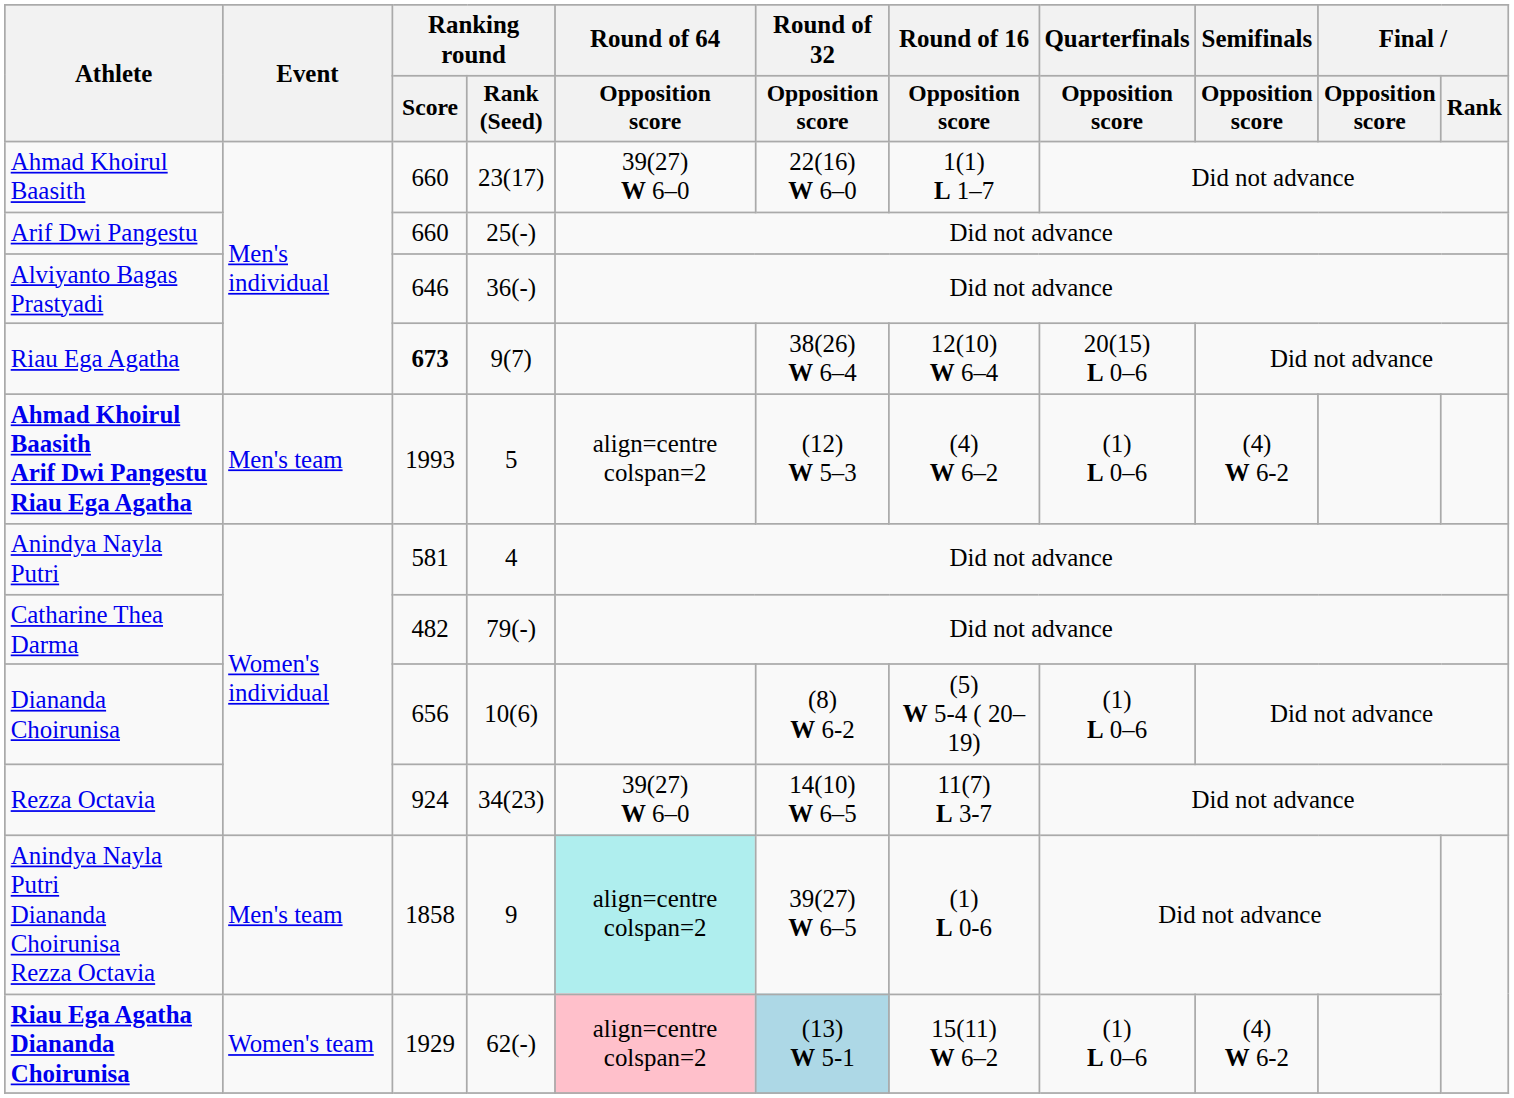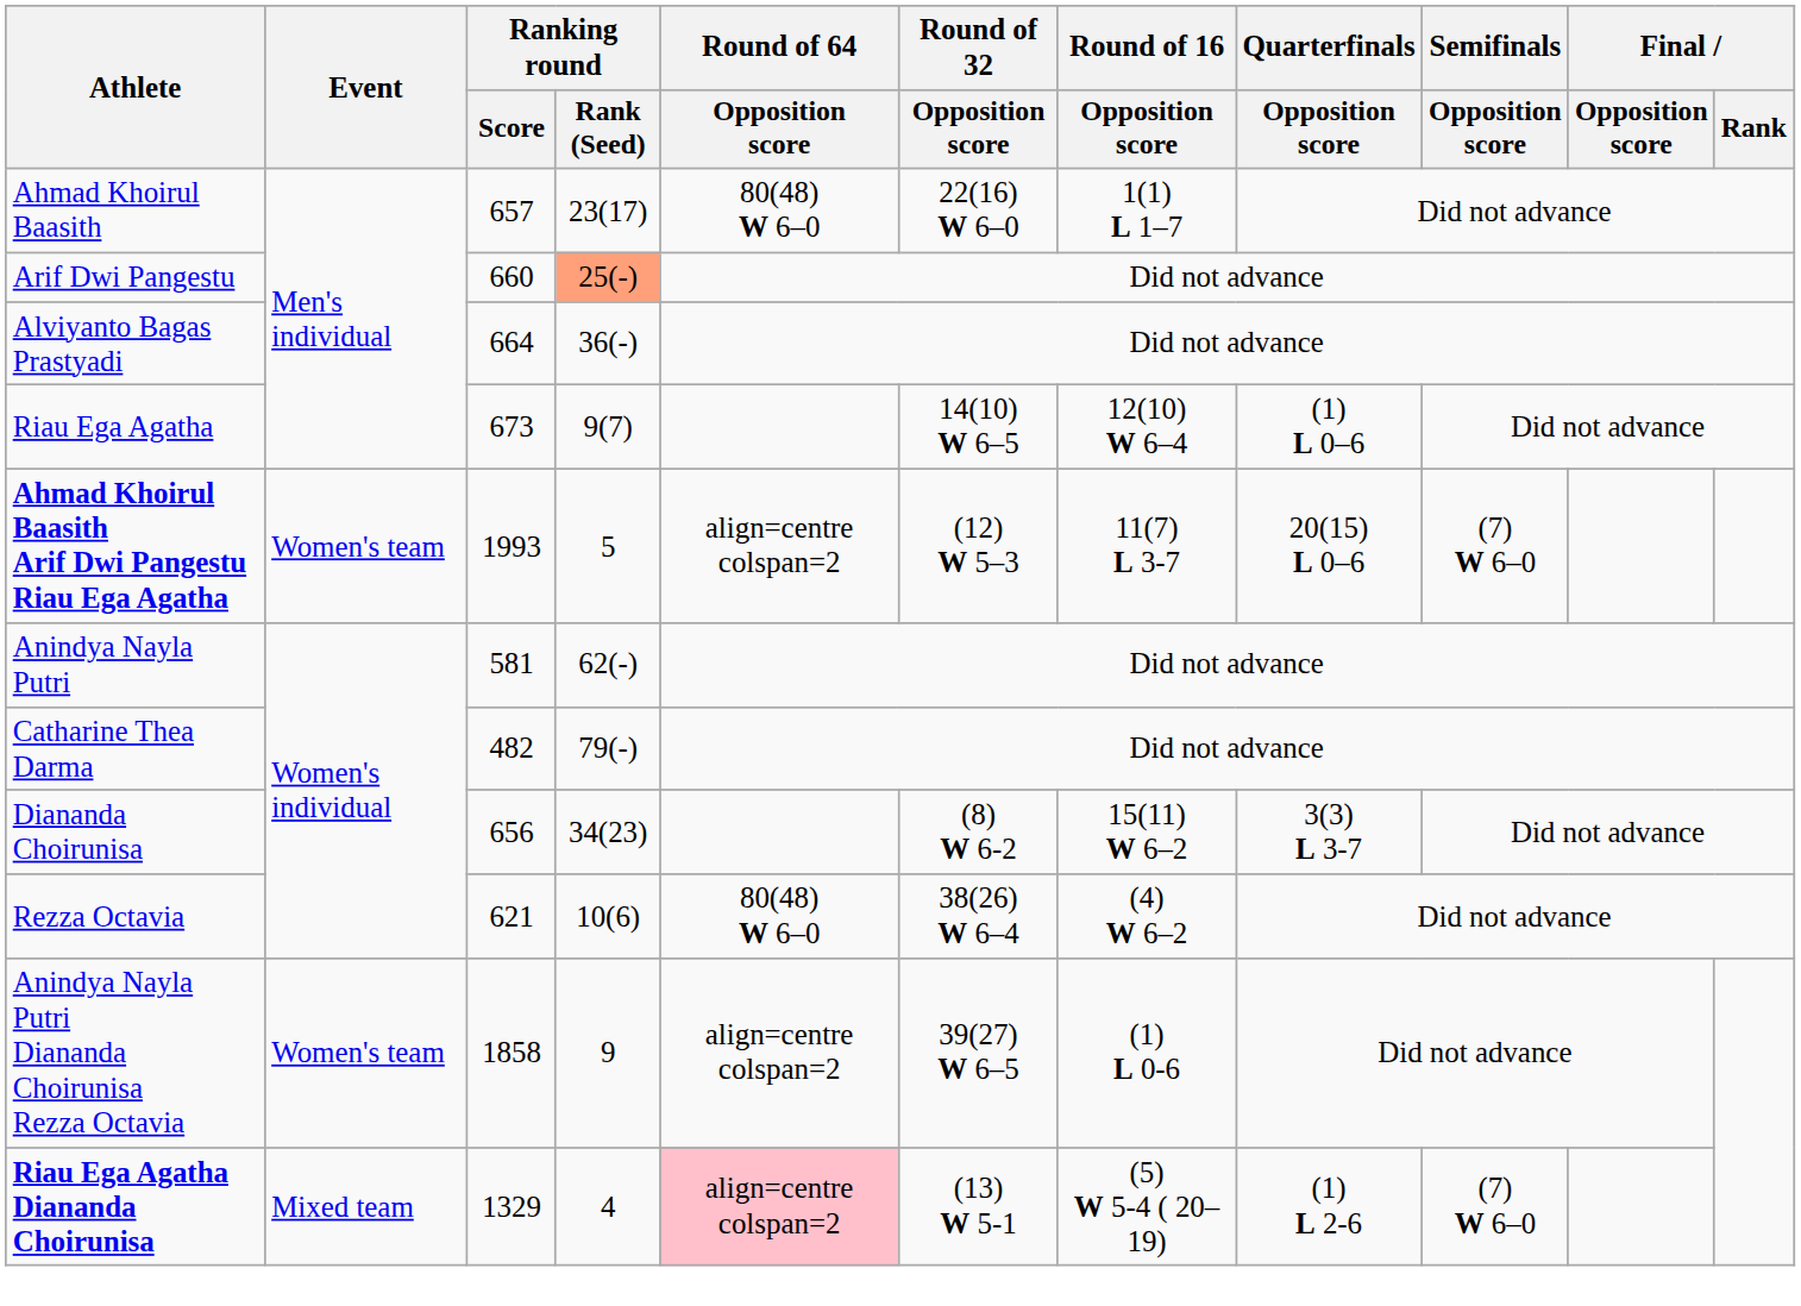 <table class=wikitable style="text-align:center; font-size:90%">
 <tr>
 <th rowspan="2">Athlete</th>
 <th rowspan="2">Event</th>
 <th colspan="2">Ranking round</th>
 <th>Round of 64</th>
 <th>Round of 32</th>
 <th>Round of 16</th>
 <th>Quarterfinals</th>
 <th>Semifinals</th>
 <th colspan=2>Final / </th>
 </tr>
 <tr style=font-size:95%>
 <th>Score</th>
 <th>Rank<br> (Seed)</th>
 <th>Opposition<br> score</th>
 <th>Opposition<br> score</th>
 <th>Opposition<br> score</th>
 <th>Opposition<br> score</th>
 <th>Opposition<br> score</th>
 <th>Opposition<br> score</th>
 <th>Rank</th>
 </tr>
 <tr>
 <td align=left><a href='#'>Ahmad Khoirul Baasith</a></td>
 <td align=left rowspan=4><a href='#'>Men's individual</a></td>
-<td>660</td>
+<td>657</td>
 <td>23(17)</td>
-<td> 39(27) <br><strong>W</strong> 6–0</td>
+<td> 80(48) <br><strong>W</strong> 6–0</td>
 <td> 22(16)<br><strong>W</strong> 6–0</td>
 <td> 1(1)<br><strong>L</strong> 1–7</td>
 <td colspan=4>Did not advance</td>
 </tr>
 <tr>
 <td align=left><a href='#'>Arif Dwi Pangestu</a></td>
 <td>660</td>
-<td>25(-)</td>
+<td style="background: lightsalmon;">25(-)</td>
 <td colspan=7>Did not advance</td>
 </tr>
 <tr>
 <td align=left><a href='#'>Alviyanto Bagas Prastyadi</a></td>
-<td>646</td>
+<td>664</td>
 <td>36(-)</td>
 <td colspan=7>Did not advance</td>
 </tr>
 <tr>
 <td align=left><a href='#'>Riau Ega Agatha</a></td>
-<td><strong>673</strong></td>
+<td>673</td>
 <td>9(7)</td>
 <td></td>
-<td> 38(26) <br><strong>W</strong> 6–4</td>
+<td> 14(10) <br><strong>W</strong> 6–5</td>
 <td> 12(10) <br><strong>W</strong> 6–4</td>
-<td> 20(15) <br><strong>L</strong> 0–6</td>
+<td> (1) <br><strong>L</strong> 0–6</td>
 <td colspan=3>Did not advance</td>
 </tr>
 <tr>
 <td align=left><strong><a href='#'>Ahmad Khoirul Baasith</a><br><a href='#'>Arif Dwi Pangestu</a><br><a href='#'>Riau Ega Agatha</a></strong></td>
-<td align=left><a href='#'>Men's team</a></td>
+<td align=left><a href='#'>Women's team</a></td>
 <td>1993</td>
 <td>5</td>
 <td>align=centre colspan=2 </td>
 <td> (12) <br><strong>W</strong> 5–3</td>
-<td> (4) <br><strong>W</strong> 6–2</td>
-<td> (1) <br><strong>L</strong> 0–6</td>
-<td> (4) <br><strong>W</strong> 6-2</td>
+<td> 11(7) <br><strong>L</strong> 3-7</td>
+<td> 20(15) <br><strong>L</strong> 0–6</td>
+<td> (7) <br><strong>W</strong> 6–0</td>
 <td></td>
 </tr>
 <tr>
 <td align=left><a href='#'>Anindya Nayla Putri</a></td>
 <td align=left rowspan=4><a href='#'>Women's individual</a></td>
 <td>581</td>
-<td>4</td>
+<td>62(-)</td>
 <td colspan=7>Did not advance</td>
 </tr>
 <tr>
 <td align=left><a href='#'>Catharine Thea Darma</a></td>
 <td>482</td>
 <td>79(-)</td>
 <td colspan=7>Did not advance</td>
 </tr>
 <tr>
 <td align=left><a href='#'>Diananda Choirunisa</a></td>
 <td>656</td>
-<td>10(6)</td>
+<td>34(23)</td>
 <td></td>
 <td> (8) <br><strong>W</strong> 6-2</td>
-<td> (5) <br><strong>W</strong> 5-4 ( 20–19)</td>
-<td> (1) <br><strong>L</strong> 0–6</td>
+<td> 15(11) <br><strong>W</strong> 6–2</td>
+<td> 3(3) <br><strong>L</strong> 3-7</td>
 <td colspan=3>Did not advance</td>
 </tr>
 <tr>
 <td align=left><a href='#'>Rezza Octavia</a></td>
-<td>924</td>
-<td>34(23)</td>
-<td> 39(27) <br><strong>W</strong> 6–0</td>
-<td> 14(10) <br><strong>W</strong> 6–5</td>
-<td> 11(7) <br><strong>L</strong> 3-7</td>
+<td>621</td>
+<td>10(6)</td>
+<td> 80(48) <br><strong>W</strong> 6–0</td>
+<td> 38(26) <br><strong>W</strong> 6–4</td>
+<td> (4) <br><strong>W</strong> 6–2</td>
 <td colspan=4>Did not advance</td>
 </tr>
 <tr>
 <td align=left><a href='#'>Anindya Nayla Putri</a><br><a href='#'>Diananda Choirunisa</a><br><a href='#'>Rezza Octavia</a></td>
-<td align=left><a href='#'>Men's team</a></td>
+<td align=left><a href='#'>Women's team</a></td>
 <td>1858</td>
 <td>9</td>
-<td style="background: paleturquoise;">align=centre colspan=2 </td>
+<td>align=centre colspan=2 </td>
 <td> 39(27) <br><strong>W</strong> 6–5</td>
 <td> (1) <br><strong>L</strong> 0-6</td>
 <td colspan=3>Did not advance</td>
 </tr>
 <tr>
 <td align=left><strong><a href='#'>Riau Ega Agatha</a><br><a href='#'>Diananda Choirunisa</a><br></strong></td>
-<td align=left><a href='#'>Women's team</a></td>
-<td>1929</td>
-<td>62(-)</td>
+<td align=left><a href='#'>Mixed team</a></td>
+<td>1329</td>
+<td>4</td>
 <td style="background: pink;">align=centre colspan=2 </td>
-<td style="background: lightblue;"> (13) <br><strong>W</strong> 5-1</td>
-<td> 15(11) <br><strong>W</strong> 6–2</td>
-<td> (1) <br><strong>L</strong> 0–6</td>
-<td> (4) <br><strong>W</strong> 6-2</td>
+<td> (13) <br><strong>W</strong> 5-1</td>
+<td> (5) <br><strong>W</strong> 5-4 ( 20–19)</td>
+<td> (1) <br><strong>L</strong> 2-6</td>
+<td> (7) <br><strong>W</strong> 6–0</td>
 <td></td>
 </tr>
 </table>
